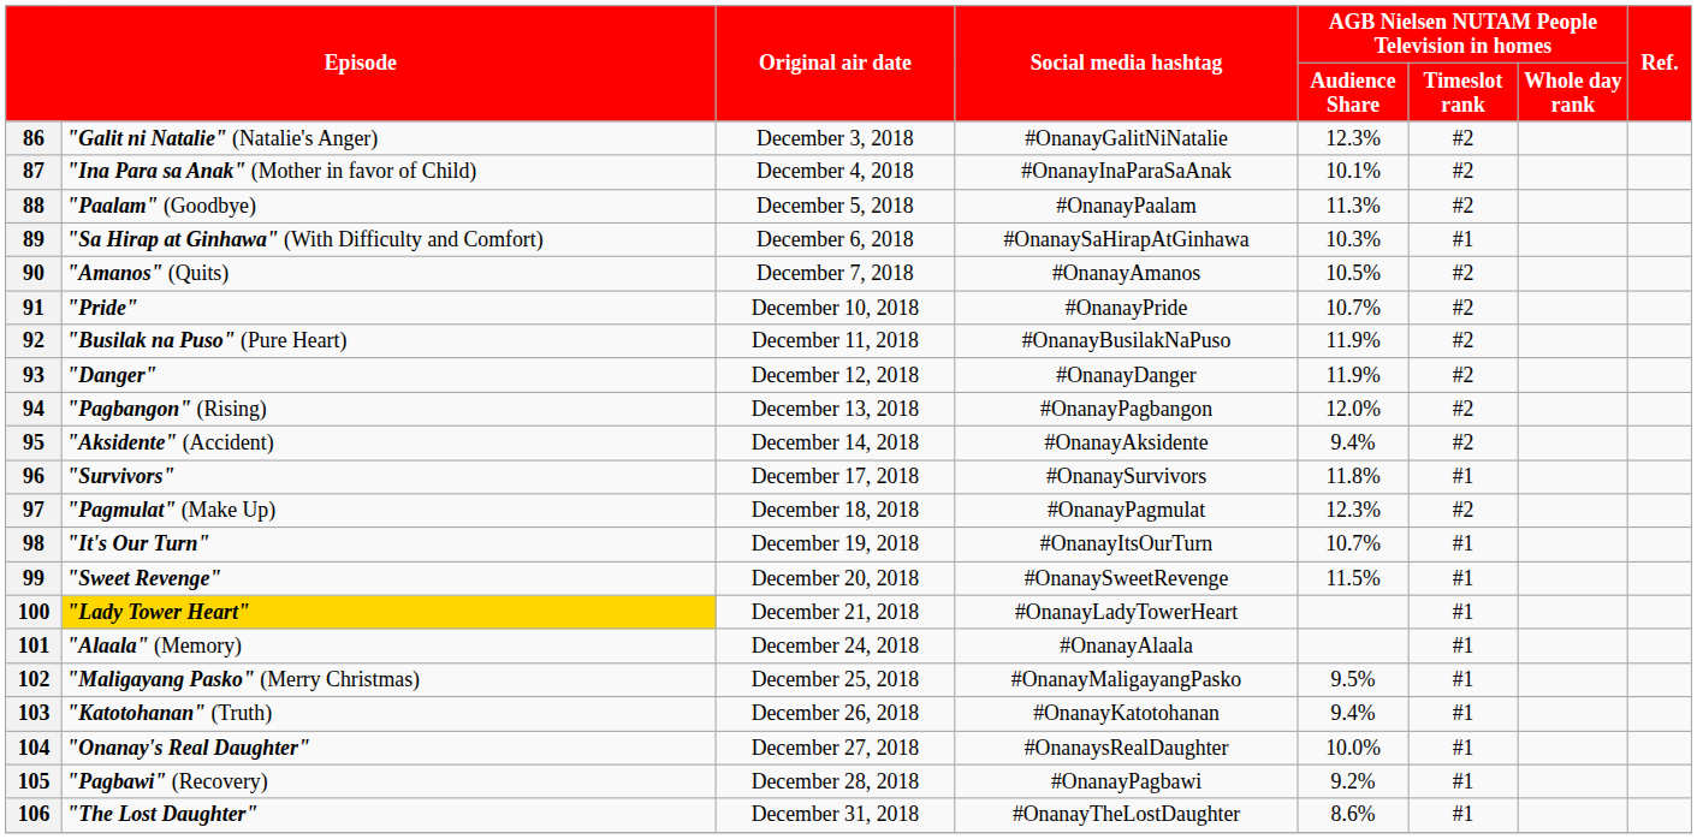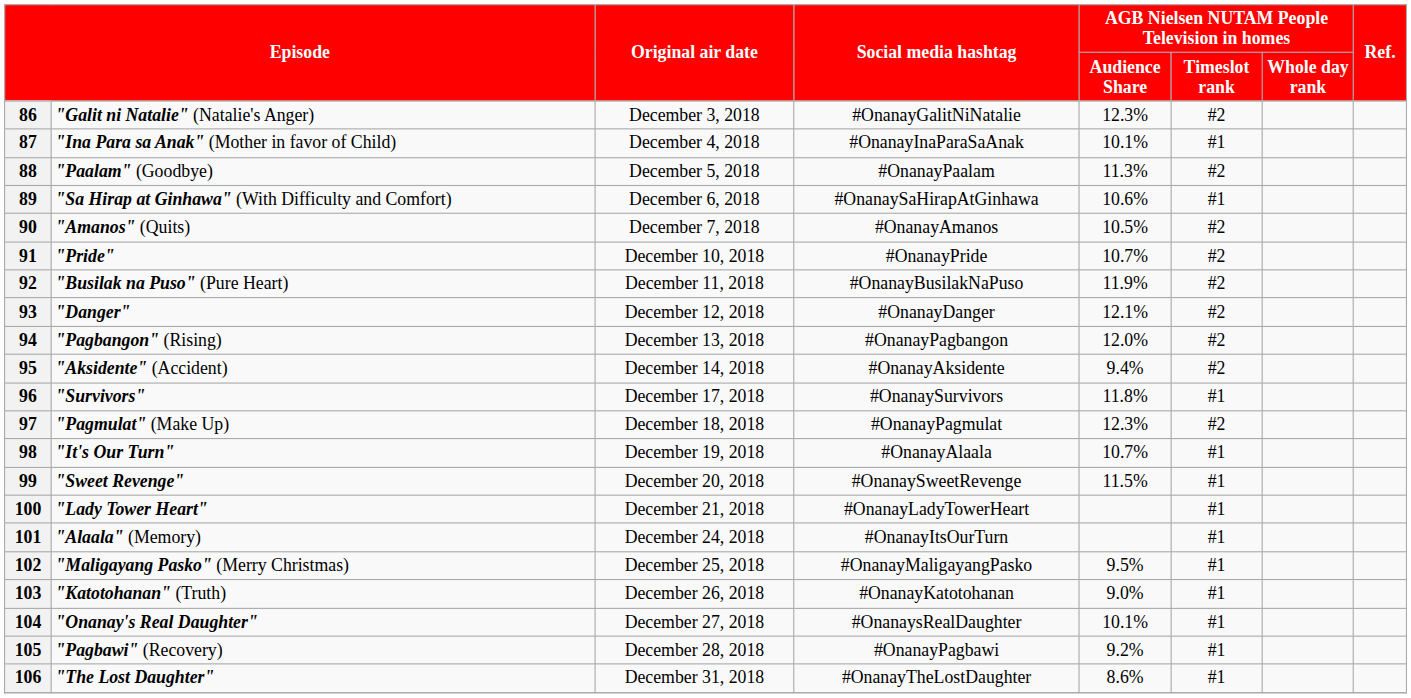 <table class="wikitable" style="text-align:center; font-size:100%; line-height:18px;" width="100%">
 <tr>
 <th style="background-color:#FF0000; color:#ffffff;" colspan="2" rowspan="2">Episode</th>
 <th style="background-color:#FF0000; color:white" rowspan="2">Original air date</th>
 <th style="background-color:#FF0000; color:white" rowspan="2">Social media hashtag</th>
 <th style="background-color:#FF0000; color:#ffffff;" colspan="3">AGB Nielsen NUTAM People Television in homes</th>
 <th style="background-color:#FF0000; color:#ffffff;" rowspan="2">Ref.</th>
 </tr>
 <tr>
 <th style="background-color:#FF0000; width:75px; color:#ffffff;">Audience Share</th>
 <th style="background-color:#FF0000; width:75px; color:#ffffff;">Timeslot<br>rank</th>
 <th style="background-color:#FF0000; width:75px; color:#ffffff;">Whole day<br>rank</th>
 </tr>
 <tr>
 <th>86</th>
 <td style="text-align: left;"><strong><em>"Galit ni Natalie"</em></strong> (Natalie's Anger)</td>
 <td>December 3, 2018</td>
 <td>#OnanayGalitNiNatalie</td>
 <td>12.3%</td>
 <td>#2</td>
 <td></td>
 <td></td>
 </tr>
 <tr>
 <th>87</th>
 <td style="text-align: left;"><strong><em>"Ina Para sa Anak"</em></strong> (Mother in favor of Child)</td>
 <td>December 4, 2018</td>
 <td>#OnanayInaParaSaAnak</td>
 <td>10.1%</td>
-<td>#2</td>
+<td>#1</td>
 <td></td>
 <td></td>
 </tr>
 <tr>
 <th>88</th>
 <td style="text-align: left;"><strong><em>"Paalam"</em></strong> (Goodbye)</td>
 <td>December 5, 2018</td>
 <td>#OnanayPaalam</td>
 <td>11.3%</td>
 <td>#2</td>
 <td></td>
 <td></td>
 </tr>
 <tr>
 <th>89</th>
 <td style="text-align: left;"><strong><em>"Sa Hirap at Ginhawa"</em></strong> (With Difficulty and Comfort)</td>
 <td>December 6, 2018</td>
 <td>#OnanaySaHirapAtGinhawa</td>
-<td>10.3%</td>
+<td>10.6%</td>
 <td>#1</td>
 <td></td>
 <td></td>
 </tr>
 <tr>
 <th>90</th>
 <td style="text-align: left;"><strong><em>"Amanos"</em></strong> (Quits)</td>
 <td>December 7, 2018</td>
 <td>#OnanayAmanos</td>
 <td>10.5%</td>
 <td>#2</td>
 <td></td>
 <td></td>
 </tr>
 <tr>
 <th>91</th>
 <td style="text-align: left;"><strong><em>"Pride"</em></strong></td>
 <td>December 10, 2018</td>
 <td>#OnanayPride</td>
 <td>10.7%</td>
 <td>#2</td>
 <td></td>
 <td></td>
 </tr>
 <tr>
 <th>92</th>
 <td style="text-align: left;"><strong><em>"Busilak na Puso"</em></strong> (Pure Heart)</td>
 <td>December 11, 2018</td>
 <td>#OnanayBusilakNaPuso</td>
 <td>11.9%</td>
 <td>#2</td>
 <td></td>
 <td></td>
 </tr>
 <tr>
 <th>93</th>
 <td style="text-align: left;"><strong><em>"Danger"</em></strong></td>
 <td>December 12, 2018</td>
 <td>#OnanayDanger</td>
-<td>11.9%</td>
+<td>12.1%</td>
 <td>#2</td>
 <td></td>
 <td></td>
 </tr>
 <tr>
 <th>94</th>
 <td style="text-align: left;"><strong><em>"Pagbangon"</em></strong> (Rising)</td>
 <td>December 13, 2018</td>
 <td>#OnanayPagbangon</td>
 <td>12.0%</td>
 <td>#2</td>
 <td></td>
 <td></td>
 </tr>
 <tr>
 <th>95</th>
 <td style="text-align: left;"><strong><em>"Aksidente"</em></strong> (Accident)</td>
 <td>December 14, 2018</td>
 <td>#OnanayAksidente</td>
 <td>9.4%</td>
 <td>#2</td>
 <td></td>
 <td></td>
 </tr>
 <tr>
 <th>96</th>
 <td style="text-align: left;"><strong><em>"Survivors"</em></strong></td>
 <td>December 17, 2018</td>
 <td>#OnanaySurvivors</td>
 <td>11.8%</td>
 <td>#1</td>
 <td></td>
 <td></td>
 </tr>
 <tr>
 <th>97</th>
 <td style="text-align: left;"><strong><em>"Pagmulat"</em></strong> (Make Up)</td>
 <td>December 18, 2018</td>
 <td>#OnanayPagmulat</td>
 <td>12.3%</td>
 <td>#2</td>
 <td></td>
 <td></td>
 </tr>
 <tr>
 <th>98</th>
 <td style="text-align: left;"><strong><em>"It's Our Turn"</em></strong></td>
 <td>December 19, 2018</td>
-<td>#OnanayItsOurTurn</td>
+<td>#OnanayAlaala</td>
 <td>10.7%</td>
 <td>#1</td>
 <td></td>
 <td></td>
 </tr>
 <tr>
 <th>99</th>
 <td style="text-align: left;"><strong><em>"Sweet Revenge"</em></strong></td>
 <td>December 20, 2018</td>
 <td>#OnanaySweetRevenge</td>
 <td>11.5%</td>
 <td>#1</td>
 <td></td>
 <td></td>
 </tr>
 <tr>
 <th>100</th>
-<td style="background: gold; text-align: left;"><strong><em>"Lady Tower Heart"</em></strong></td>
+<td style="text-align: left;"><strong><em>"Lady Tower Heart"</em></strong></td>
 <td>December 21, 2018</td>
 <td>#OnanayLadyTowerHeart</td>
 <td></td>
 <td>#1</td>
 <td></td>
 <td></td>
 </tr>
 <tr>
 <th>101</th>
 <td style="text-align: left;"><strong><em>"Alaala"</em></strong> (Memory)</td>
 <td>December 24, 2018</td>
-<td>#OnanayAlaala</td>
+<td>#OnanayItsOurTurn</td>
 <td></td>
 <td>#1</td>
 <td></td>
 <td></td>
 </tr>
 <tr>
 <th>102</th>
 <td style="text-align: left;"><strong><em>"Maligayang Pasko"</em></strong> (Merry Christmas)</td>
 <td>December 25, 2018</td>
 <td>#OnanayMaligayangPasko</td>
 <td>9.5%</td>
 <td>#1</td>
 <td></td>
 <td></td>
 </tr>
 <tr>
 <th>103</th>
 <td style="text-align: left;"><strong><em>"Katotohanan"</em></strong> (Truth)</td>
 <td>December 26, 2018</td>
 <td>#OnanayKatotohanan</td>
-<td>9.4%</td>
+<td>9.0%</td>
 <td>#1</td>
 <td></td>
 <td></td>
 </tr>
 <tr>
 <th>104</th>
 <td style="text-align: left;"><strong><em>"Onanay's Real Daughter"</em></strong></td>
 <td>December 27, 2018</td>
 <td>#OnanaysRealDaughter</td>
-<td>10.0%</td>
+<td>10.1%</td>
 <td>#1</td>
 <td></td>
 <td></td>
 </tr>
 <tr>
 <th>105</th>
 <td style="text-align: left;"><strong><em>"Pagbawi"</em></strong> (Recovery)</td>
 <td>December 28, 2018</td>
 <td>#OnanayPagbawi</td>
 <td>9.2%</td>
 <td>#1</td>
 <td></td>
 <td></td>
 </tr>
 <tr>
 <th>106</th>
 <td style="text-align: left;"><strong><em>"The Lost Daughter"</em></strong></td>
 <td>December 31, 2018</td>
 <td>#OnanayTheLostDaughter</td>
 <td>8.6%</td>
 <td>#1</td>
 <td></td>
 <td></td>
 </tr>
 <tr>
 </tr>
 </table>
